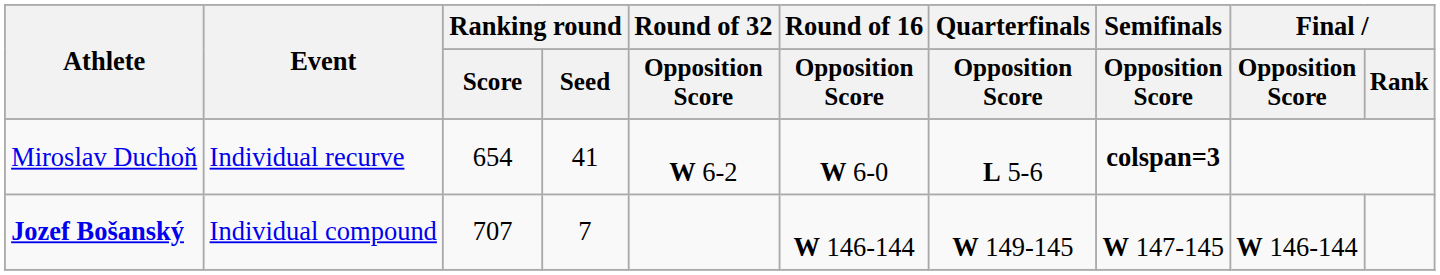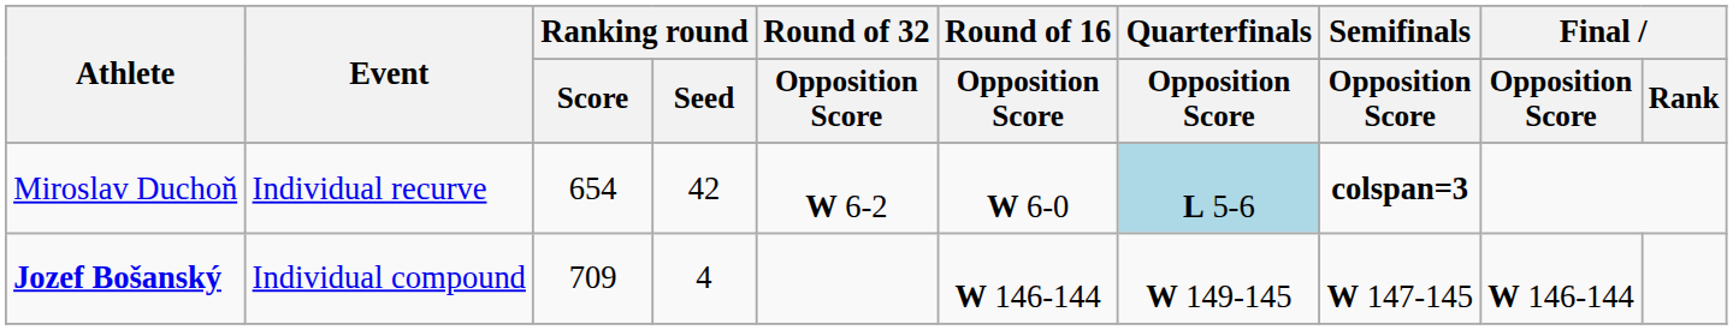 <table class="wikitable" style="font-size:90%">
 <tr>
 <th rowspan="2">Athlete</th>
 <th rowspan="2">Event</th>
 <th colspan="2">Ranking round</th>
 <th>Round of 32</th>
 <th>Round of 16</th>
 <th>Quarterfinals</th>
 <th>Semifinals</th>
 <th colspan="2">Final / </th>
 </tr>
 <tr style="font-size:95%">
 <th>Score</th>
 <th>Seed</th>
 <th>Opposition<br>Score</th>
 <th>Opposition<br>Score</th>
 <th>Opposition<br>Score</th>
 <th>Opposition<br>Score</th>
 <th>Opposition<br>Score</th>
 <th>Rank</th>
 </tr>
 <tr align=center>
 <td align=left><a href='#'>Miroslav Duchoň</a></td>
 <td align=left><a href='#'>Individual recurve</a></td>
 <td>654</td>
-<td>41</td>
+<td>42</td>
 <td><br><strong>W</strong> 6-2</td>
 <td><br><strong>W</strong> 6-0</td>
-<td><br><strong>L</strong> 5-6</td>
+<td style="background: lightblue;"><br><strong>L</strong> 5-6</td>
 <td><strong>colspan=3 </strong></td>
 </tr>
 <tr align=center>
 <td align=left><strong><a href='#'>Jozef Bošanský</a></strong></td>
 <td align=left><a href='#'>Individual compound</a></td>
-<td>707</td>
-<td>7</td>
+<td>709</td>
+<td>4</td>
 <td></td>
 <td><br><strong>W</strong> 146-144</td>
 <td><br><strong>W</strong> 149-145</td>
 <td><br><strong>W</strong> 147-145</td>
 <td><br><strong>W</strong> 146-144</td>
 <td></td>
 </tr>
 </table>
